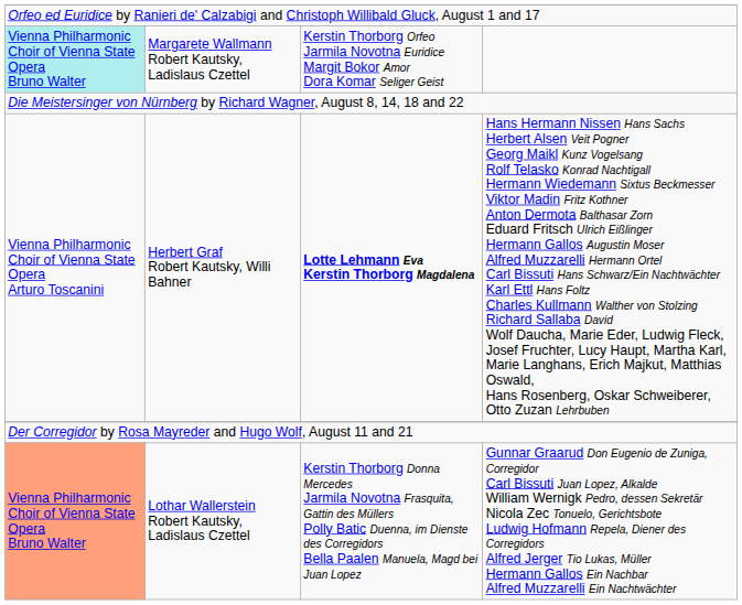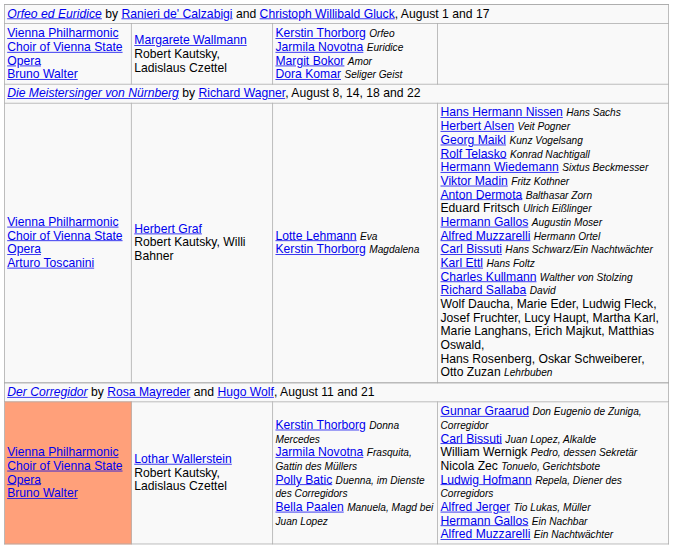 <table style="width:99%;" class="wikitable">
 <tr>
 </tr>
 <tr>
 </tr>
 <tr class="hintergrundfarbe8">
 <td colspan="9"><em><a href='#'>Orfeo ed Euridice</a></em> by <a href='#'>Ranieri de' Calzabigi</a> and <a href='#'>Christoph Willibald Gluck</a>, August 1 and 17</td>
 </tr>
 <tr>
-<td style="background: paleturquoise;"><a href='#'>Vienna Philharmonic</a><br><a href='#'>Choir of Vienna State Opera</a><br><a href='#'>Bruno Walter</a></td>
+<td><a href='#'>Vienna Philharmonic</a><br><a href='#'>Choir of Vienna State Opera</a><br><a href='#'>Bruno Walter</a></td>
 <td><a href='#'>Margarete Wallmann</a><br>Robert Kautsky, Ladislaus Czettel</td>
 <td><a href='#'>Kerstin Thorborg</a> <small><em>Orfeo</em></small><br><a href='#'>Jarmila Novotna</a> <small><em>Euridice</em></small><br><a href='#'>Margit Bokor</a> <small><em>Amor</em></small><br><a href='#'>Dora Komar</a> <small><em>Seliger Geist</em></small></td>
 <td></td>
 </tr>
 <tr class="hintergrundfarbe8">
 <td colspan="9"><em><a href='#'>Die Meistersinger von Nürnberg</a></em> by <a href='#'>Richard Wagner</a>, August 8, 14, 18 and 22</td>
 </tr>
 <tr>
 <td><a href='#'>Vienna Philharmonic</a><br><a href='#'>Choir of Vienna State Opera</a><br><a href='#'>Arturo Toscanini</a></td>
 <td><a href='#'>Herbert Graf</a><br>Robert Kautsky, Willi Bahner</td>
-<td><strong><a href='#'>Lotte Lehmann</a> <small><em>Eva</em></small><br><a href='#'>Kerstin Thorborg</a> <small><em>Magdalena</em></small></strong></td>
+<td><a href='#'>Lotte Lehmann</a> <small><em>Eva</em></small><br><a href='#'>Kerstin Thorborg</a> <small><em>Magdalena</em></small></td>
 <td><a href='#'>Hans Hermann Nissen</a> <small><em>Hans Sachs</em></small><br><a href='#'>Herbert Alsen</a> <small><em>Veit Pogner</em></small><br><a href='#'>Georg Maikl</a> <small><em>Kunz Vogelsang</em></small><br><a href='#'>Rolf Telasko</a> <small><em>Konrad Nachtigall</em></small><br><a href='#'>Hermann Wiedemann</a> <small><em>Sixtus Beckmesser</em></small><br><a href='#'>Viktor Madin</a> <small><em>Fritz Kothner</em></small><br><a href='#'>Anton Dermota</a> <small><em>Balthasar Zorn</em></small><br>Eduard Fritsch <small><em>Ulrich Eißlinger</em></small><br><a href='#'>Hermann Gallos</a> <small><em>Augustin Moser</em></small><br><a href='#'>Alfred Muzzarelli</a> <small><em>Hermann Ortel</em></small><br><a href='#'>Carl Bissuti</a> <small><em>Hans Schwarz/Ein Nachtwächter</em></small><br><a href='#'>Karl Ettl</a> <small><em>Hans Foltz</em></small><br><a href='#'>Charles Kullmann</a> <small><em>Walther von Stolzing</em></small><br><a href='#'>Richard Sallaba</a> <small><em>David</em></small><br>Wolf Daucha, Marie Eder, Ludwig Fleck,<br>Josef Fruchter, Lucy Haupt, Martha Karl,<br>Marie Langhans, Erich Majkut, Matthias Oswald,<br>Hans Rosenberg, Oskar Schweiberer, Otto Zuzan <small><em>Lehrbuben</em></small></td>
 </tr>
 <tr>
 </tr>
 <tr class="hintergrundfarbe8">
 <td colspan="9"><em><a href='#'>Der Corregidor</a></em> by <a href='#'>Rosa Mayreder</a> and <a href='#'>Hugo Wolf</a>, August 11 and 21</td>
 </tr>
 <tr>
 <td style="background: lightsalmon;"><a href='#'>Vienna Philharmonic</a><br><a href='#'>Choir of Vienna State Opera</a><br><a href='#'>Bruno Walter</a></td>
 <td><a href='#'>Lothar Wallerstein</a><br>Robert Kautsky, Ladislaus Czettel</td>
 <td><a href='#'>Kerstin Thorborg</a> <small><em>Donna Mercedes</em></small><br><a href='#'>Jarmila Novotna</a> <small><em>Frasquita, Gattin des Müllers</em></small><br><a href='#'>Polly Batic</a> <small><em>Duenna, im Dienste des Corregidors</em></small><br><a href='#'>Bella Paalen</a> <small><em>Manuela, Magd bei Juan Lopez</em></small></td>
 <td><a href='#'>Gunnar Graarud</a> <small><em>Don Eugenio de Zuniga, Corregidor</em></small><br><a href='#'>Carl Bissuti</a> <small><em>Juan Lopez, Alkalde</em></small><br>William Wernigk <small><em>Pedro, dessen Sekretär</em></small><br>Nicola Zec <small><em>Tonuelo, Gerichtsbote</em></small><br><a href='#'>Ludwig Hofmann</a> <small><em>Repela, Diener des Corregidors</em></small><br><a href='#'>Alfred Jerger</a> <small><em>Tio Lukas, Müller</em></small><br><a href='#'>Hermann Gallos</a> <small><em>Ein Nachbar</em></small><br><a href='#'>Alfred Muzzarelli</a> <small><em>Ein Nachtwächter</em></small></td>
 </tr>
 </table>
